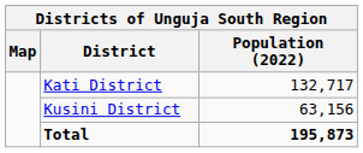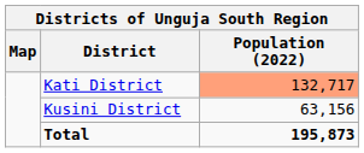 <table class="wikitable">
 <tr>
 <th colspan="3">Districts of Unguja South Region</th>
 </tr>
 <tr style="text-align:center;">
 <th>Map</th>
 <th style="width: 10em">District</th>
 <th style="width: 10em">Population (2022)</th>
 </tr>
 <tr>
 <td rowspan= 3></td>
 <td><a href='#'>Kati District</a></td>
-<td style="text-align:right;">132,717</td>
+<td style="background: lightsalmon; text-align:right;">132,717</td>
 </tr>
 <tr>
 <td><a href='#'>Kusini District</a></td>
 <td style="text-align:right;">63,156</td>
 </tr>
 <tr>
 <td><strong>Total</strong></td>
 <td style="text-align:right;"><strong>195,873</strong></td>
 </tr>
 </table>
